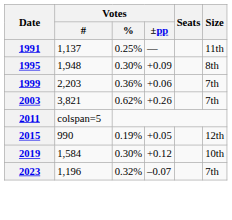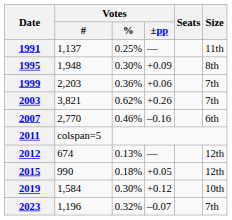 <table class="wikitable" style="font-size:95%;">
 <tr>
 <th width="65" rowspan="2">Date</th>
 <th colspan="3">Votes</th>
 <th rowspan="2">Seats</th>
 <th rowspan="2">Size</th>
 </tr>
 <tr>
 <th width="75">#</th>
 <th>%</th>
 <th>±<a href='#'>pp</a></th>
 </tr>
 <tr>
 <th><a href='#'>1991</a></th>
 <td>1,137</td>
 <td>0.25%</td>
 <td>—</td>
 <td style="text-align:center;"></td>
 <td>11th</td>
 </tr>
 <tr>
 <th><a href='#'>1995</a></th>
 <td>1,948</td>
 <td>0.30%</td>
 <td>+0.09</td>
 <td style="text-align:center;"></td>
 <td>8th</td>
 </tr>
 <tr>
 <th><a href='#'>1999</a></th>
 <td>2,203</td>
 <td>0.36%</td>
 <td>+0.06</td>
 <td style="text-align:center;"></td>
 <td>7th</td>
 </tr>
 <tr>
 <th><a href='#'>2003</a></th>
 <td>3,821</td>
 <td>0.62%</td>
 <td>+0.26</td>
 <td style="text-align:center;"></td>
 <td>7th</td>
 </tr>
 <tr>
+<th><a href='#'>2007</a></th>
+<td>2,770</td>
+<td>0.46%</td>
+<td>–0.16</td>
+<td style="text-align:center;"></td>
+<td>6th</td>
+</tr>
+<tr>
 <th><a href='#'>2011</a></th>
 <td>colspan=5</td>
 </tr>
 <tr>
+<th><a href='#'>2012</a></th>
+<td>674</td>
+<td>0.13%</td>
+<td>—</td>
+<td style="text-align:center;"></td>
+<td>12th</td>
+</tr>
+<tr>
 <th><a href='#'>2015</a></th>
 <td>990</td>
-<td>0.19%</td>
+<td>0.18%</td>
 <td>+0.05</td>
 <td style="text-align:center;"></td>
 <td>12th</td>
 </tr>
 <tr>
 <th><a href='#'>2019</a></th>
 <td>1,584</td>
 <td>0.30%</td>
 <td>+0.12</td>
 <td style="text-align:center;"></td>
 <td>10th</td>
 </tr>
 <tr>
 <th><a href='#'>2023</a></th>
 <td>1,196</td>
 <td>0.32%</td>
 <td>–0.07</td>
 <td style="text-align:center;"></td>
 <td>7th</td>
 </tr>
 </table>
